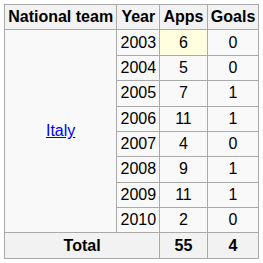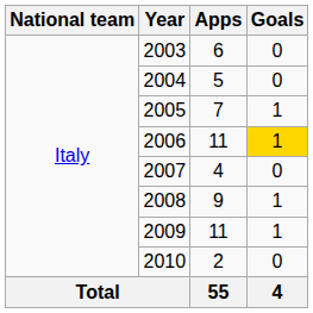 <table class="wikitable" style="text-align:center">
 <tr>
 <th>National team</th>
 <th>Year</th>
 <th>Apps</th>
 <th>Goals</th>
 </tr>
 <tr>
 <td rowspan=8><a href='#'>Italy</a></td>
 <td>2003</td>
-<td style="background: lightyellow;">6</td>
+<td>6</td>
 <td>0</td>
 </tr>
 <tr>
 <td>2004</td>
 <td>5</td>
 <td>0</td>
 </tr>
 <tr>
 <td>2005</td>
 <td>7</td>
 <td>1</td>
 </tr>
 <tr>
 <td>2006</td>
 <td>11</td>
-<td>1</td>
+<td style="background: gold;">1</td>
 </tr>
 <tr>
 <td>2007</td>
 <td>4</td>
 <td>0</td>
 </tr>
 <tr>
 <td>2008</td>
 <td>9</td>
 <td>1</td>
 </tr>
 <tr>
 <td>2009</td>
 <td>11</td>
 <td>1</td>
 </tr>
 <tr>
 <td>2010</td>
 <td>2</td>
 <td>0</td>
 </tr>
 <tr>
 <th colspan="2">Total</th>
 <th>55</th>
 <th>4</th>
 </tr>
 </table>
